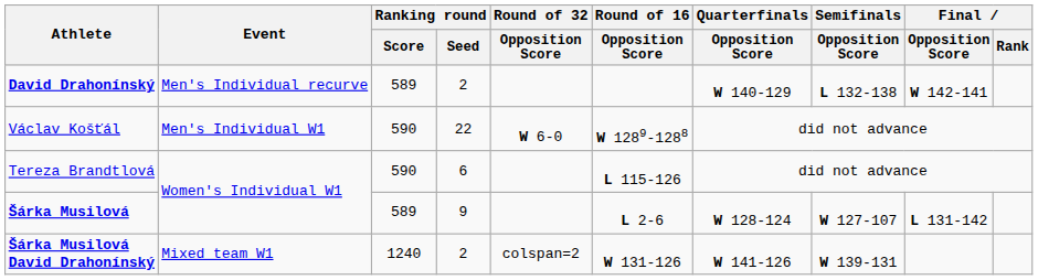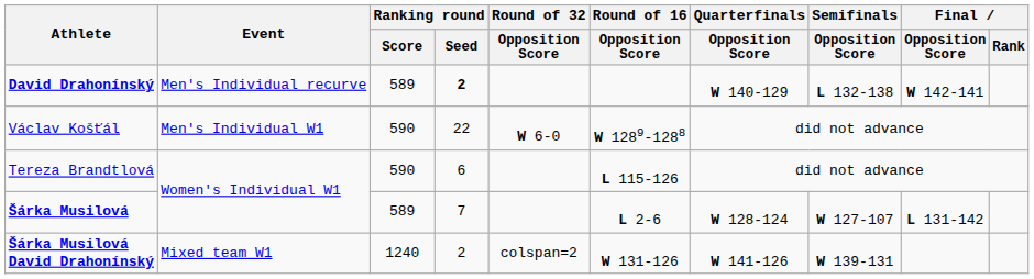 <table class="wikitable" style="font-size:90%">
 <tr>
 <th rowspan=2>Athlete</th>
 <th rowspan=2>Event</th>
 <th colspan="2">Ranking round</th>
 <th>Round of 32</th>
 <th>Round of 16</th>
 <th>Quarterfinals</th>
 <th>Semifinals</th>
 <th colspan="2">Final / </th>
 </tr>
 <tr style="font-size:95%">
 <th>Score</th>
 <th>Seed</th>
 <th>Opposition<br>Score</th>
 <th>Opposition<br>Score</th>
 <th>Opposition<br>Score</th>
 <th>Opposition<br>Score</th>
 <th>Opposition<br>Score</th>
 <th>Rank</th>
 </tr>
 <tr align=center>
 <td align=left><strong><a href='#'>David Drahonínský</a></strong></td>
 <td align=left><a href='#'>Men's Individual recurve</a></td>
 <td>589</td>
-<td>2</td>
+<td><strong>2</strong></td>
 <td></td>
 <td></td>
 <td><br><strong>W</strong> 140-129</td>
 <td><br><strong>L</strong> 132-138</td>
 <td><br><strong>W</strong> 142-141</td>
 <td></td>
 </tr>
 <tr align=center>
 <td align=left><a href='#'>Václav Košťál</a></td>
 <td align=left><a href='#'>Men's Individual W1</a></td>
 <td>590</td>
 <td>22</td>
 <td><br><strong>W</strong> 6-0</td>
 <td><br><strong>W</strong> 128<sup>9</sup>-128<sup>8</sup></td>
 <td colspan=4>did not advance</td>
 </tr>
 <tr align=center>
 <td align=left><a href='#'>Tereza Brandtlová</a></td>
 <td align=left rowspan=2><a href='#'>Women's Individual W1</a></td>
 <td>590</td>
 <td>6</td>
 <td></td>
 <td><br><strong>L</strong> 115-126</td>
 <td colspan=4>did not advance</td>
 </tr>
 <tr align=center>
 <td align=left><strong><a href='#'>Šárka Musilová</a></strong></td>
 <td>589</td>
-<td>9</td>
+<td>7</td>
 <td></td>
 <td><br><strong>L</strong> 2-6</td>
 <td><br><strong>W</strong> 128-124</td>
 <td><br><strong>W</strong> 127-107</td>
 <td><br><strong>L</strong> 131-142</td>
 <td></td>
 </tr>
 <tr align=center>
 <td align=left><strong><a href='#'>Šárka Musilová</a><br><a href='#'>David Drahonínský</a></strong></td>
 <td align=left><a href='#'>Mixed team W1</a></td>
 <td>1240</td>
 <td>2</td>
 <td>colspan=2 </td>
 <td><br><strong>W</strong> 131-126</td>
 <td><br><strong>W</strong> 141-126</td>
 <td><br><strong>W</strong> 139-131</td>
 <td></td>
 </tr>
 </table>
